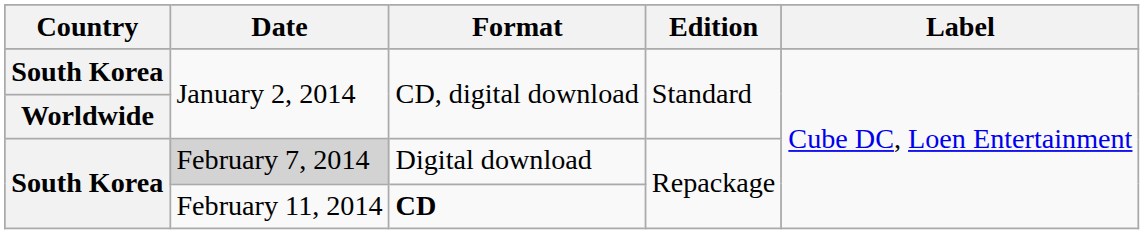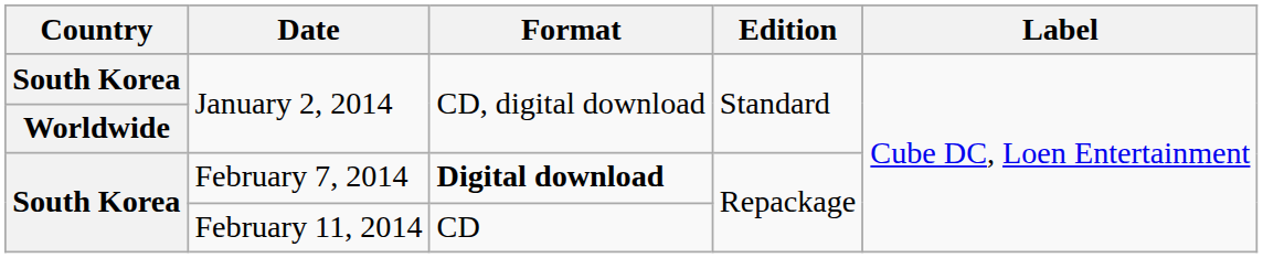 <table class="wikitable plainrowheaders">
 <tr>
 <th style="text-align:center;">Country</th>
 <th style="text-align:center;">Date</th>
 <th style="text-align:center;">Format</th>
 <th style="text-align:center;">Edition</th>
 <th style="text-align:center;">Label</th>
 </tr>
 <tr>
 <th scope="row">South Korea</th>
 <td rowspan=2>January 2, 2014</td>
 <td rowspan=2>CD, digital download</td>
 <td rowspan=2>Standard</td>
 <td rowspan=4><a href='#'>Cube DC</a>, <a href='#'>Loen Entertainment</a></td>
 </tr>
 <tr>
 <th scope="row">Worldwide</th>
 </tr>
 <tr>
 <th scope="row" rowspan=2>South Korea</th>
-<td style="background: lightgrey;">February 7, 2014</td>
-<td>Digital download</td>
+<td>February 7, 2014</td>
+<td><strong>Digital download</strong></td>
 <td rowspan=2>Repackage</td>
 </tr>
 <tr>
 <td>February 11, 2014</td>
-<td><strong>CD</strong></td>
+<td>CD</td>
 </tr>
 </table>
